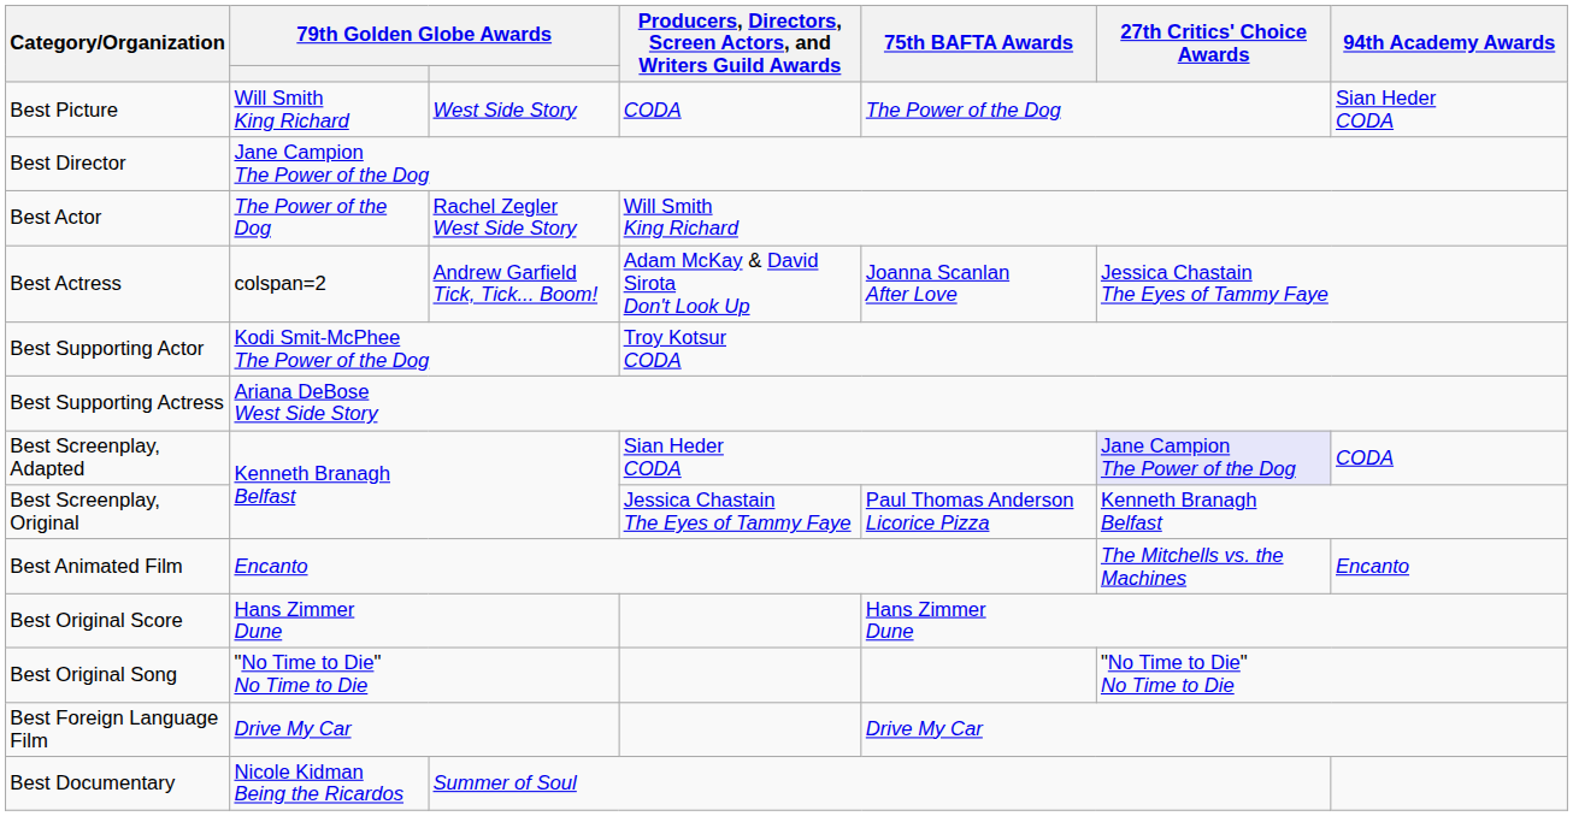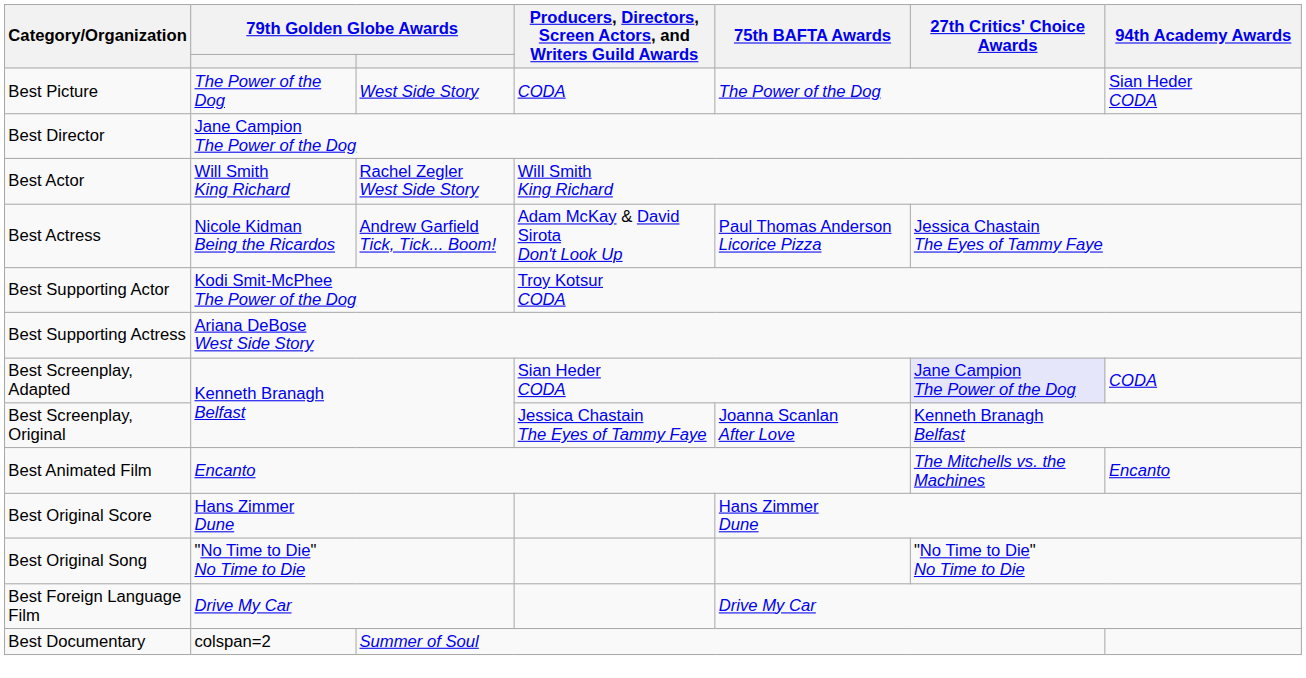 <table class="wikitable">
 <tr>
 <th rowspan="2" style="width:20px;">Category/Organization</th>
 <th colspan="2" style="width:250px;"><a href='#'>79th Golden Globe Awards</a><br></th>
 <th rowspan="2" style="width:250px;"><a href='#'>Producers</a>, <a href='#'>Directors</a>, <a href='#'>Screen Actors</a>, and <a href='#'>Writers Guild Awards</a><br></th>
 <th rowspan="2" style="width:250px;"><a href='#'>75th BAFTA Awards</a><br></th>
 <th rowspan="2" style="width:250px;"><a href='#'>27th Critics' Choice Awards</a><br></th>
 <th rowspan="2" style="width:250px;"><a href='#'>94th Academy Awards</a><br></th>
 </tr>
 <tr>
 <th width=200></th>
 <th style="width:200px;"></th>
 </tr>
 <tr>
 <td>Best Picture</td>
-<td><a href='#'>Will Smith</a><br><em><a href='#'>King Richard</a></em></td>
+<td><em><a href='#'>The Power of the Dog</a></em></td>
 <td><em><a href='#'>West Side Story</a></em></td>
 <td><em><a href='#'>CODA</a></em></td>
 <td colspan="2"><em><a href='#'>The Power of the Dog</a></em></td>
 <td><a href='#'>Sian Heder</a><br><em><a href='#'>CODA</a></em></td>
 </tr>
 <tr>
 <td>Best Director</td>
 <td colspan="6"><a href='#'>Jane Campion</a><br><em><a href='#'>The Power of the Dog</a></em></td>
 </tr>
 <tr>
 <td>Best Actor</td>
-<td><em><a href='#'>The Power of the Dog</a></em></td>
+<td><a href='#'>Will Smith</a><br><em><a href='#'>King Richard</a></em></td>
 <td><a href='#'>Rachel Zegler</a><br><em><a href='#'>West Side Story</a></em></td>
 <td colspan="4"><a href='#'>Will Smith</a><br><em><a href='#'>King Richard</a></em></td>
 </tr>
 <tr>
 <td>Best Actress</td>
-<td>colspan=2 </td>
+<td><a href='#'>Nicole Kidman</a><br><em><a href='#'>Being the Ricardos</a></em></td>
 <td><a href='#'>Andrew Garfield</a><br><em><a href='#'>Tick, Tick... Boom!</a></em></td>
 <td><a href='#'>Adam McKay</a> & <a href='#'>David Sirota</a><br><em><a href='#'>Don't Look Up</a></em></td>
-<td><a href='#'>Joanna Scanlan</a><br><em><a href='#'>After Love</a></em></td>
+<td><a href='#'>Paul Thomas Anderson</a><br><em><a href='#'>Licorice Pizza</a></em></td>
 <td colspan="2"><a href='#'>Jessica Chastain</a><br><em><a href='#'>The Eyes of Tammy Faye</a></em></td>
 </tr>
 <tr>
 <td>Best Supporting Actor</td>
 <td colspan="2"><a href='#'>Kodi Smit-McPhee</a><br><em><a href='#'>The Power of the Dog</a></em></td>
 <td colspan="4"><a href='#'>Troy Kotsur</a><br><em><a href='#'>CODA</a></em></td>
 </tr>
 <tr>
 <td>Best Supporting Actress</td>
 <td colspan="6"><a href='#'>Ariana DeBose</a><br><em><a href='#'>West Side Story</a></em></td>
 </tr>
 <tr>
 <td>Best Screenplay, Adapted</td>
 <td colspan=2 rowspan=2><a href='#'>Kenneth Branagh</a><br><em><a href='#'>Belfast</a></em></td>
 <td colspan="2"><a href='#'>Sian Heder</a><br><em><a href='#'>CODA</a></em></td>
 <td style="background: lavender;"><a href='#'>Jane Campion</a><br><em><a href='#'>The Power of the Dog</a></em></td>
 <td><em><a href='#'>CODA</a></em></td>
 </tr>
 <tr>
 <td>Best Screenplay, Original</td>
 <td><a href='#'>Jessica Chastain</a><br><em><a href='#'>The Eyes of Tammy Faye</a></em></td>
-<td><a href='#'>Paul Thomas Anderson</a><br><em><a href='#'>Licorice Pizza</a></em></td>
+<td><a href='#'>Joanna Scanlan</a><br><em><a href='#'>After Love</a></em></td>
 <td colspan="2"><a href='#'>Kenneth Branagh</a><br><em><a href='#'>Belfast</a></em></td>
 </tr>
 <tr>
 <td>Best Animated Film</td>
 <td colspan="4"><em><a href='#'>Encanto</a></em></td>
 <td><em><a href='#'>The Mitchells vs. the Machines</a></em></td>
 <td><em><a href='#'>Encanto</a></em></td>
 </tr>
 <tr>
 <td>Best Original Score</td>
 <td colspan="2"><a href='#'>Hans Zimmer</a><br><em><a href='#'>Dune</a></em></td>
 <td></td>
 <td colspan="3"><a href='#'>Hans Zimmer</a><br><em><a href='#'>Dune</a></em></td>
 </tr>
 <tr>
 <td>Best Original Song</td>
 <td colspan="2">"<a href='#'>No Time to Die</a>"<br><em><a href='#'>No Time to Die</a></em></td>
 <td></td>
 <td></td>
 <td colspan="2">"<a href='#'>No Time to Die</a>"<br><em><a href='#'>No Time to Die</a></em></td>
 </tr>
 <tr>
 <td>Best Foreign Language Film</td>
 <td colspan="2"><em><a href='#'>Drive My Car</a></em></td>
 <td></td>
 <td colspan="3"><em><a href='#'>Drive My Car</a></em></td>
 </tr>
 <tr>
 <td>Best Documentary</td>
-<td><a href='#'>Nicole Kidman</a><br><em><a href='#'>Being the Ricardos</a></em></td>
+<td>colspan=2 </td>
 <td colspan="4"><em><a href='#'>Summer of Soul</a></em></td>
 </tr>
 </table>
